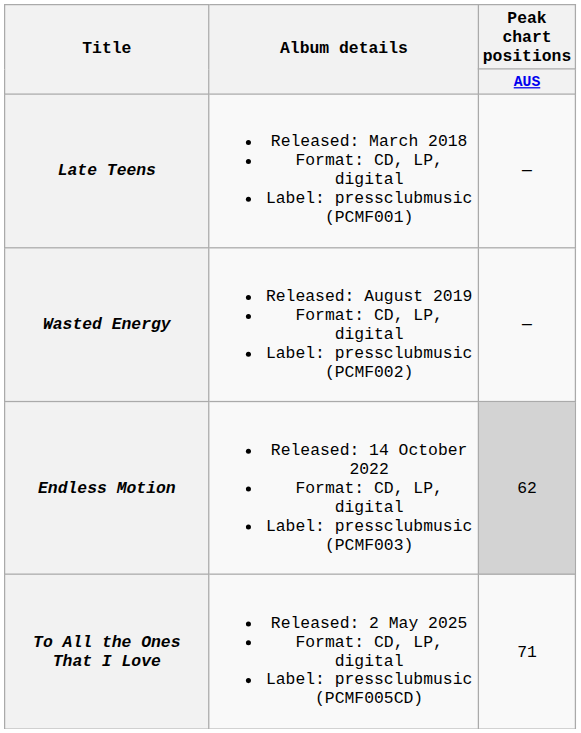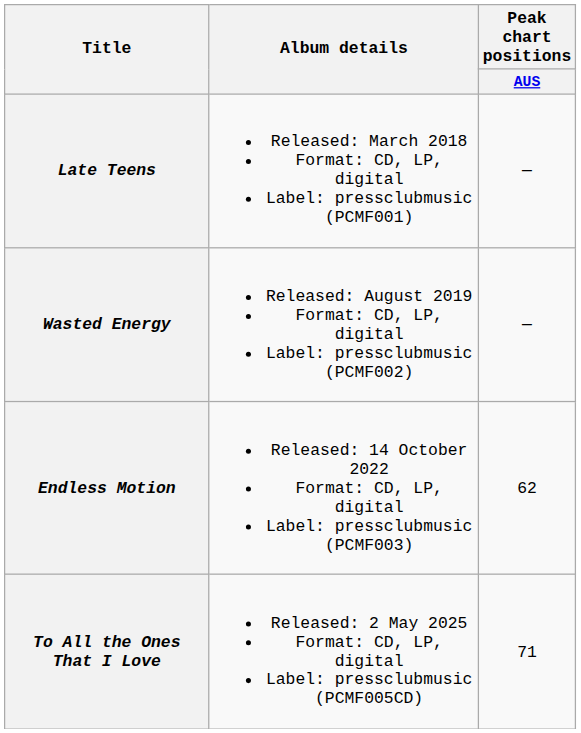 <table class="wikitable plainrowheaders" style="text-align:center;" border="1">
 <tr>
 <th scope="col" rowspan="2" style="width:12em;">Title</th>
 <th scope="col" rowspan="2" style="width:16em;">Album details</th>
 <th scope="col" colspan="1">Peak chart positions</th>
 </tr>
 <tr>
 <th scope="col" style="width:3em;font-size:90%"><a href='#'>AUS</a><br></th>
 </tr>
 <tr>
 <th scope="row"><em>Late Teens</em></th>
 <td><br><ul><li>Released: March 2018</li><li>Format: CD, LP, digital</li><li>Label: pressclubmusic (PCMF001)</li></ul></td>
 <td>—</td>
 </tr>
 <tr>
 <th scope="row"><em>Wasted Energy</em></th>
 <td><br><ul><li>Released: August 2019</li><li>Format: CD, LP, digital</li><li>Label: pressclubmusic (PCMF002)</li></ul></td>
 <td>—</td>
 </tr>
 <tr>
 <th scope="row"><em>Endless Motion</em></th>
 <td><br><ul><li>Released: 14 October 2022</li><li>Format: CD, LP, digital</li><li>Label: pressclubmusic (PCMF003)</li></ul></td>
-<td style="background: lightgrey;">62</td>
+<td>62</td>
 </tr>
 <tr>
 <th scope="row"><em>To All the Ones That I Love</em></th>
 <td><br><ul><li>Released: 2 May 2025</li><li>Format: CD, LP, digital</li><li>Label: pressclubmusic (PCMF005CD)</li></ul></td>
 <td>71</td>
 </tr>
 </table>
